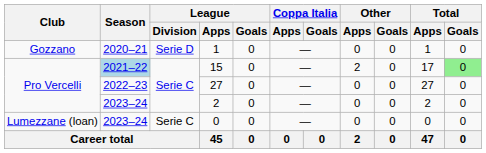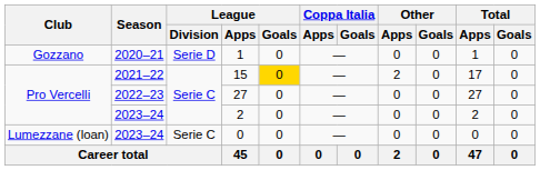 <table class="wikitable" style="text-align: center;">
 <tr>
 <th rowspan="2">Club</th>
 <th rowspan="2">Season</th>
 <th colspan="3">League</th>
 <th colspan="2"><a href='#'>Coppa Italia</a></th>
 <th colspan="2">Other</th>
 <th colspan="2">Total</th>
 </tr>
 <tr>
 <th>Division</th>
 <th>Apps</th>
 <th>Goals</th>
 <th>Apps</th>
 <th>Goals</th>
 <th>Apps</th>
 <th>Goals</th>
 <th>Apps</th>
 <th>Goals</th>
 </tr>
 <tr>
 <td><a href='#'>Gozzano</a></td>
 <td><a href='#'>2020–21</a></td>
 <td><a href='#'>Serie D</a></td>
 <td>1</td>
 <td>0</td>
 <td colspan="2">—</td>
 <td>0</td>
 <td>0</td>
 <td>1</td>
 <td>0</td>
 </tr>
 <tr>
 <td rowspan="3" valign="center"><a href='#'>Pro Vercelli</a></td>
-<td style="background: lightblue;"><a href='#'>2021–22</a></td>
+<td><a href='#'>2021–22</a></td>
 <td rowspan="3"><a href='#'>Serie C</a></td>
 <td>15</td>
-<td>0</td>
+<td style="background: gold;">0</td>
 <td colspan="2">—</td>
 <td>2</td>
 <td>0</td>
 <td>17</td>
-<td style="background: lightgreen;">0</td>
+<td>0</td>
 </tr>
 <tr>
 <td><a href='#'>2022–23</a></td>
 <td>27</td>
 <td>0</td>
 <td colspan="2">—</td>
 <td>0</td>
 <td>0</td>
 <td>27</td>
 <td>0</td>
 </tr>
 <tr>
 <td><a href='#'>2023–24</a></td>
 <td>2</td>
 <td>0</td>
 <td colspan="2">—</td>
 <td>0</td>
 <td>0</td>
 <td>2</td>
 <td>0</td>
 </tr>
 <tr>
 <td><a href='#'>Lumezzane</a> (loan)</td>
 <td><a href='#'>2023–24</a></td>
 <td>Serie C</td>
 <td>0</td>
 <td>0</td>
 <td colspan="2">—</td>
 <td>0</td>
 <td>0</td>
 <td>0</td>
 <td>0</td>
 </tr>
 <tr>
 <th colspan="3">Career total</th>
 <th>45</th>
 <th>0</th>
 <th>0</th>
 <th>0</th>
 <th>2</th>
 <th>0</th>
 <th>47</th>
 <th>0</th>
 </tr>
 </table>
